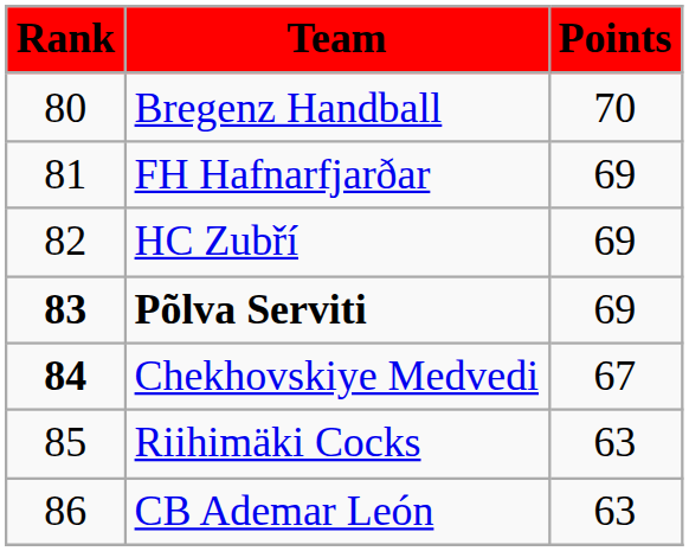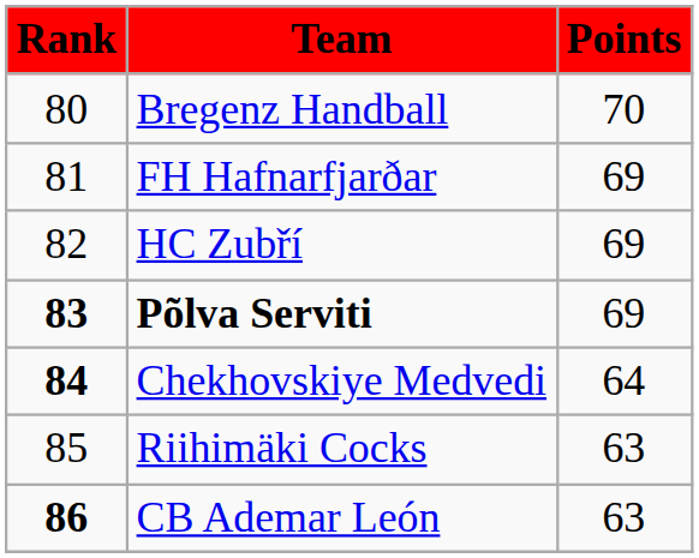 <table class="wikitable" style="text-align: center">
 <tr>
 <th style="color:#000000; background:#FF0000">Rank</th>
 <th style="color:#000000; background:#FF0000">Team</th>
 <th style="color:#000000; background:#FF0000">Points</th>
 </tr>
 <tr>
 <td>80</td>
 <td align=left> <a href='#'>Bregenz Handball</a></td>
 <td>70</td>
 </tr>
 <tr>
 <td>81</td>
 <td align=left> <a href='#'>FH Hafnarfjarðar</a></td>
 <td>69</td>
 </tr>
 <tr>
 <td>82</td>
 <td align=left> <a href='#'>HC Zubří</a></td>
 <td>69</td>
 </tr>
 <tr>
 <td><strong>83</strong></td>
 <td align=left> <strong>Põlva Serviti</strong></td>
 <td>69</td>
 </tr>
 <tr>
 <td><strong>84</strong></td>
 <td align=left> <a href='#'>Chekhovskiye Medvedi</a></td>
-<td>67</td>
+<td>64</td>
 </tr>
 <tr>
 <td>85</td>
 <td align=left> <a href='#'>Riihimäki Cocks</a></td>
 <td>63</td>
 </tr>
 <tr>
-<td>86</td>
+<td><strong>86</strong></td>
 <td align=left> <a href='#'>CB Ademar León</a></td>
 <td>63</td>
 </tr>
 <tr>
 </tr>
 </table>
